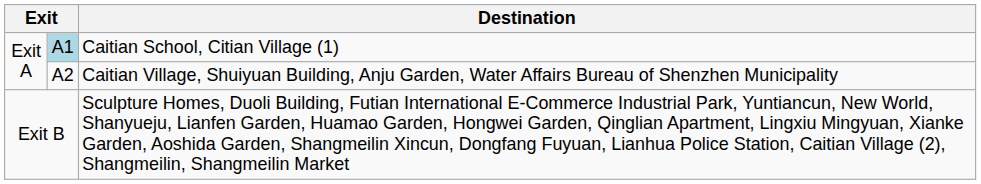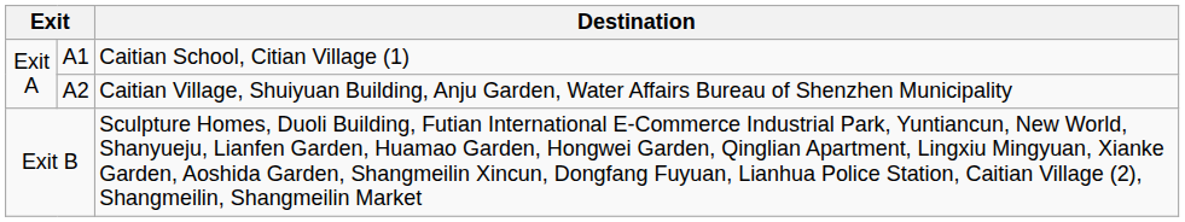 <table class="wikitable">
 <tr>
 <th style="width:70px" colspan="2">Exit</th>
 <th>Destination</th>
 </tr>
 <tr>
 <td align="center" rowspan="2">Exit A</td>
-<td style="background: lightblue;">A1</td>
+<td>A1</td>
 <td>Caitian School, Citian Village (1)</td>
 </tr>
 <tr>
 <td>A2</td>
 <td>Caitian Village, Shuiyuan Building, Anju Garden, Water Affairs Bureau of Shenzhen Municipality</td>
 </tr>
 <tr>
 <td align="center" colspan="2">Exit B</td>
 <td>Sculpture Homes, Duoli Building, Futian International E-Commerce Industrial Park, Yuntiancun, New World, Shanyueju, Lianfen Garden, Huamao Garden, Hongwei Garden, Qinglian Apartment, Lingxiu Mingyuan, Xianke Garden, Aoshida Garden, Shangmeilin Xincun, Dongfang Fuyuan, Lianhua Police Station, Caitian Village (2), Shangmeilin, Shangmeilin Market</td>
 </tr>
 </table>
